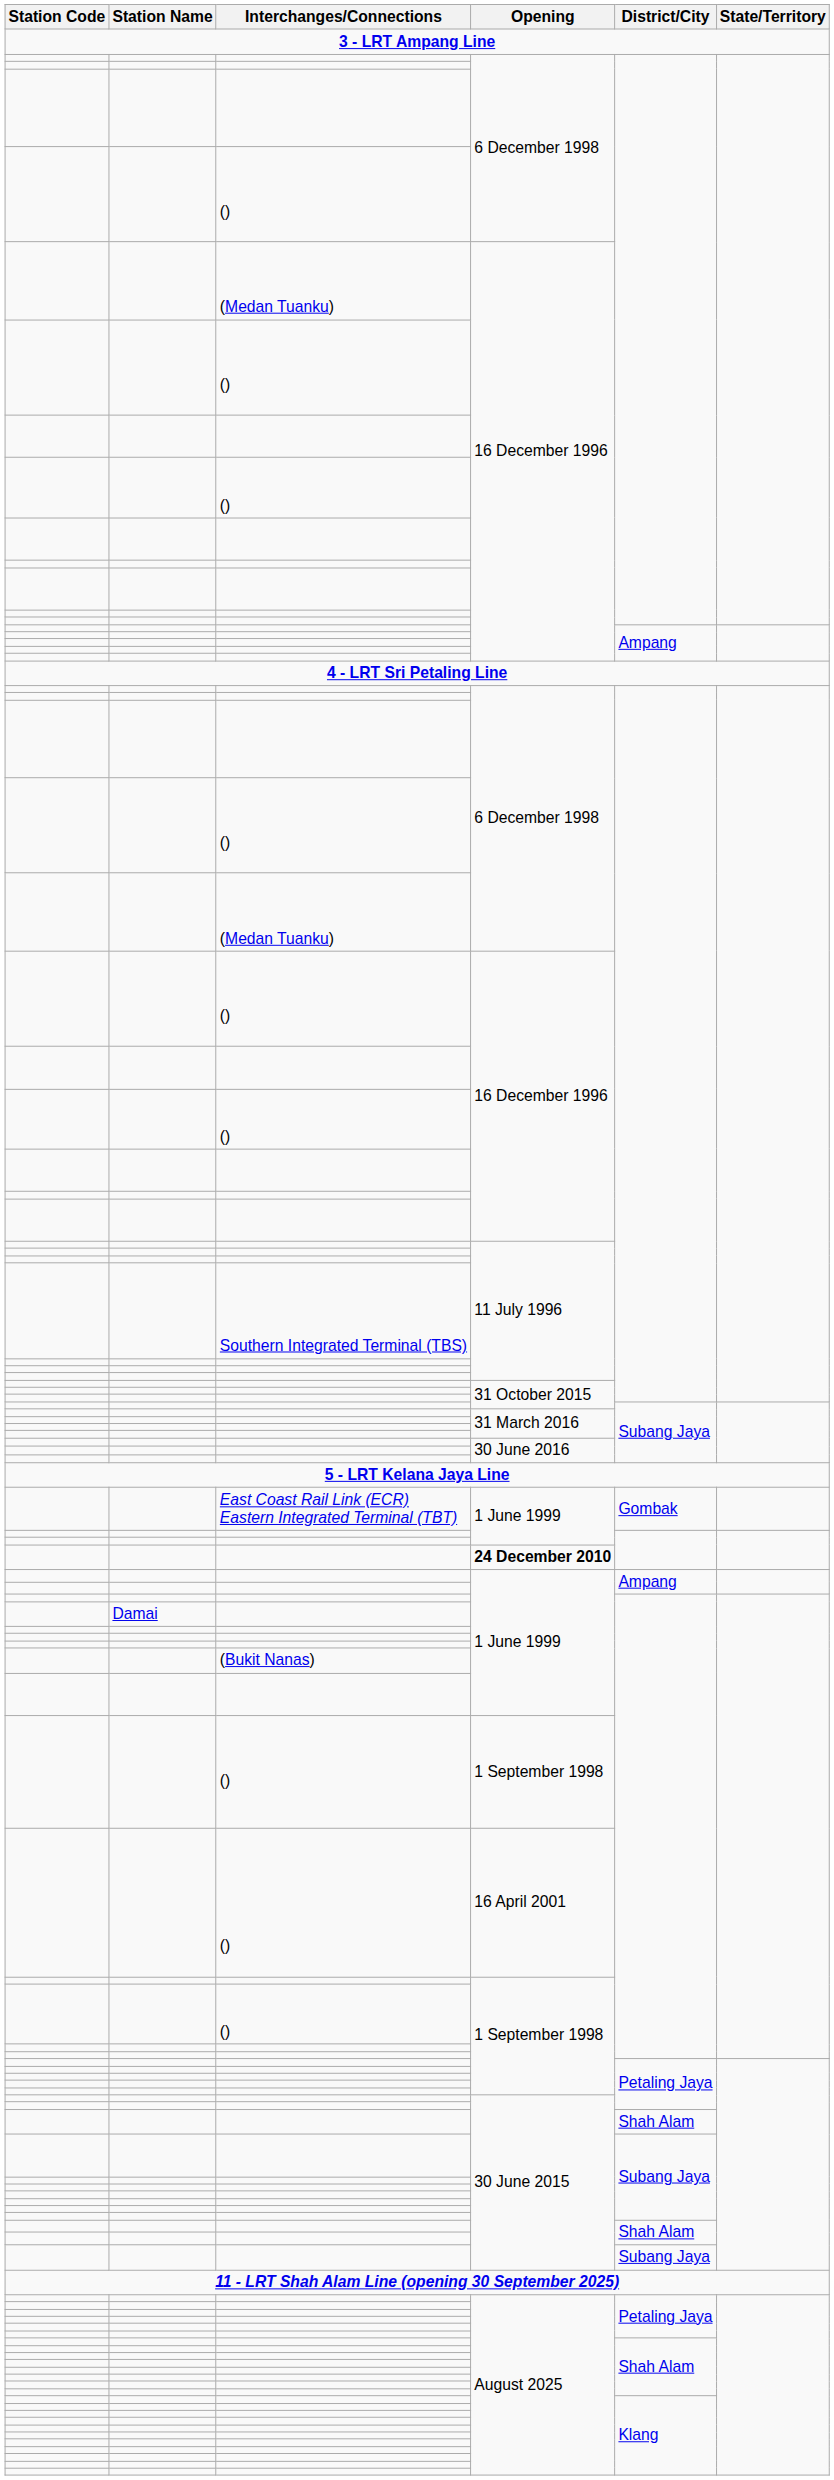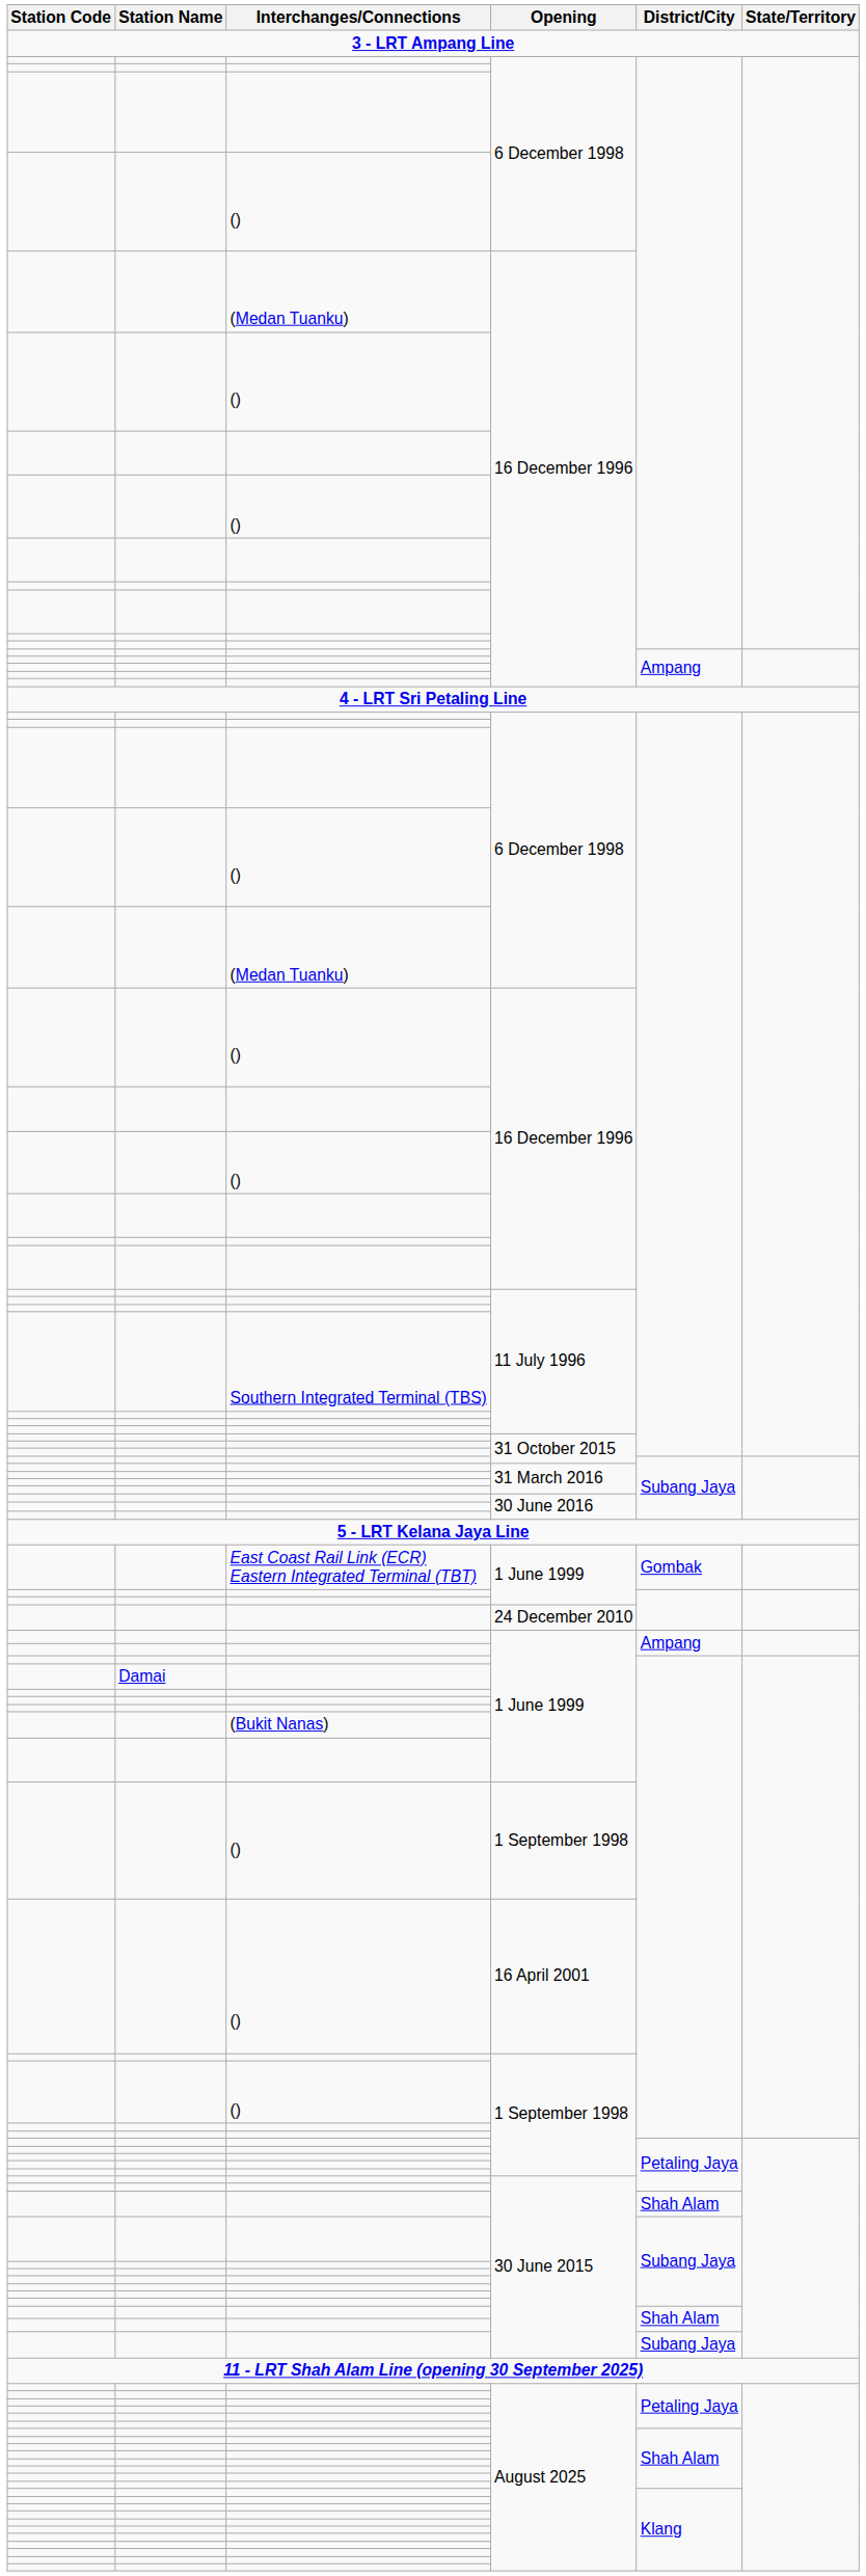 <table class="wikitable" style="margin: 1em auto 1em auto;">
 <tr>
 <th>Station Code</th>
 <th>Station Name</th>
 <th>Interchanges/Connections</th>
 <th>Opening</th>
 <th>District/City</th>
 <th>State/Territory</th>
 </tr>
 <tr>
 <td colspan="6" align="center"><strong><a href='#'><span>3 - LRT Ampang Line</span></a></strong></td>
 </tr>
 <tr>
 <td></td>
 <td></td>
 <td> </td>
 <td rowspan="4">6 December 1998</td>
 <td rowspan="13"></td>
 <td rowspan="13"></td>
 </tr>
 <tr>
 <td></td>
 <td></td>
 <td> </td>
 </tr>
 <tr>
 <td></td>
 <td></td>
 <td><br><br><br><br></td>
 </tr>
 <tr>
 <td></td>
 <td></td>
 <td> <br><br><br> ()<br><br></td>
 </tr>
 <tr>
 <td></td>
 <td></td>
 <td> <br><br><br>  (<a href='#'>Medan Tuanku</a>)</td>
 <td rowspan="14">16 December 1996</td>
 </tr>
 <tr>
 <td></td>
 <td></td>
 <td> <br><br><br> ()<br><br></td>
 </tr>
 <tr>
 <td></td>
 <td></td>
 <td><br><br></td>
 </tr>
 <tr>
 <td></td>
 <td></td>
 <td><br><br> ()</td>
 </tr>
 <tr>
 <td></td>
 <td></td>
 <td><br><br></td>
 </tr>
 <tr>
 <td></td>
 <td></td>
 <td> </td>
 </tr>
 <tr>
 <td></td>
 <td></td>
 <td><br><br></td>
 </tr>
 <tr>
 <td></td>
 <td></td>
 <td></td>
 </tr>
 <tr>
 <td></td>
 <td></td>
 <td> </td>
 </tr>
 <tr>
 <td></td>
 <td></td>
 <td></td>
 <td rowspan="5"><a href='#'>Ampang</a></td>
 <td rowspan="5"></td>
 </tr>
 <tr>
 <td></td>
 <td></td>
 <td> </td>
 </tr>
 <tr>
 <td></td>
 <td></td>
 <td></td>
 </tr>
 <tr>
 <td></td>
 <td></td>
 <td></td>
 </tr>
 <tr>
 <td></td>
 <td></td>
 <td></td>
 </tr>
 <tr>
 <td colspan="6" align="center"><strong><a href='#'><span>4 - LRT Sri Petaling Line</span></a></strong></td>
 </tr>
 <tr>
 <td></td>
 <td></td>
 <td> </td>
 <td rowspan="5">6 December 1998</td>
 <td rowspan="21"></td>
 <td rowspan="21"></td>
 </tr>
 <tr>
 <td></td>
 <td></td>
 <td> </td>
 </tr>
 <tr>
 <td></td>
 <td></td>
 <td><br><br><br><br></td>
 </tr>
 <tr>
 <td></td>
 <td></td>
 <td> <br><br><br> ()<br><br></td>
 </tr>
 <tr>
 <td></td>
 <td></td>
 <td> <br><br><br>  (<a href='#'>Medan Tuanku</a>)</td>
 </tr>
 <tr>
 <td></td>
 <td></td>
 <td> <br><br><br> ()<br><br></td>
 <td rowspan="6">16 December 1996</td>
 </tr>
 <tr>
 <td></td>
 <td></td>
 <td><br><br></td>
 </tr>
 <tr>
 <td></td>
 <td></td>
 <td><br><br> ()</td>
 </tr>
 <tr>
 <td></td>
 <td></td>
 <td><br><br></td>
 </tr>
 <tr>
 <td></td>
 <td></td>
 <td> </td>
 </tr>
 <tr>
 <td></td>
 <td></td>
 <td><br><br></td>
 </tr>
 <tr>
 <td></td>
 <td></td>
 <td></td>
 <td rowspan="7">11 July 1996</td>
 </tr>
 <tr>
 <td></td>
 <td></td>
 <td> </td>
 </tr>
 <tr>
 <td></td>
 <td></td>
 <td></td>
 </tr>
 <tr>
 <td></td>
 <td></td>
 <td><br><br><br> <br> <a href='#'>Southern Integrated Terminal (TBS)</a></td>
 </tr>
 <tr>
 <td></td>
 <td></td>
 <td> </td>
 </tr>
 <tr>
 <td></td>
 <td></td>
 <td></td>
 </tr>
 <tr>
 <td></td>
 <td></td>
 <td></td>
 </tr>
 <tr>
 <td></td>
 <td></td>
 <td></td>
 <td rowspan="4">31 October 2015</td>
 </tr>
 <tr>
 <td></td>
 <td></td>
 <td></td>
 </tr>
 <tr>
 <td></td>
 <td></td>
 <td></td>
 </tr>
 <tr>
 <td></td>
 <td></td>
 <td></td>
 <td rowspan="8"><a href='#'>Subang Jaya</a></td>
 <td rowspan="8"></td>
 </tr>
 <tr>
 <td></td>
 <td></td>
 <td></td>
 <td rowspan="4">31 March 2016</td>
 </tr>
 <tr>
 <td></td>
 <td></td>
 <td></td>
 </tr>
 <tr>
 <td></td>
 <td></td>
 <td></td>
 </tr>
 <tr>
 <td></td>
 <td></td>
 <td></td>
 </tr>
 <tr>
 <td></td>
 <td></td>
 <td></td>
 <td rowspan="3">30 June 2016</td>
 </tr>
 <tr>
 <td></td>
 <td></td>
 <td></td>
 </tr>
 <tr>
 <td></td>
 <td></td>
 <td> </td>
 </tr>
 <tr>
 <td colspan="6" align="center"><strong><a href='#'><span>5 - LRT Kelana Jaya Line</span></a></strong></td>
 </tr>
 <tr>
 <td></td>
 <td></td>
 <td>  <a href='#'><em>East Coast Rail Link (ECR)</em></a><br> <a href='#'><em>Eastern Integrated Terminal (TBT)</em></a></td>
 <td rowspan="3">1 June 1999</td>
 <td><a href='#'>Gombak</a></td>
 <td></td>
 </tr>
 <tr>
 <td></td>
 <td></td>
 <td></td>
 <td rowspan="3"></td>
 <td rowspan="3"></td>
 </tr>
 <tr>
 <td></td>
 <td></td>
 <td></td>
 </tr>
 <tr>
 <td></td>
 <td></td>
 <td></td>
-<td><strong>24 December 2010</strong></td>
+<td>24 December 2010</td>
 </tr>
 <tr>
 <td></td>
 <td></td>
 <td> </td>
 <td rowspan="9">1 June 1999</td>
 <td rowspan="2"><a href='#'>Ampang</a></td>
 <td rowspan="2"></td>
 </tr>
 <tr>
 <td></td>
 <td></td>
 <td></td>
 </tr>
 <tr>
 <td></td>
 <td></td>
 <td></td>
 <td rowspan="13"></td>
 <td rowspan="13"></td>
 </tr>
 <tr>
 <td></td>
 <td><a href='#'>Damai</a></td>
 <td></td>
 </tr>
 <tr>
 <td></td>
 <td></td>
 <td> </td>
 </tr>
 <tr>
 <td></td>
 <td></td>
 <td></td>
 </tr>
 <tr>
 <td></td>
 <td></td>
 <td></td>
 </tr>
 <tr>
 <td></td>
 <td></td>
 <td>  (<a href='#'>Bukit Nanas</a>)</td>
 </tr>
 <tr>
 <td></td>
 <td></td>
 <td><br><br></td>
 </tr>
 <tr>
 <td></td>
 <td></td>
 <td> <br><br><br> ()<br><br><br> </td>
 <td>1 September 1998</td>
 </tr>
 <tr>
 <td></td>
 <td></td>
 <td><br><br><br><br><br><br> ()<br><br> </td>
 <td>16 April 2001</td>
 </tr>
 <tr>
 <td></td>
 <td></td>
 <td></td>
 <td rowspan="9">1 September 1998</td>
 </tr>
 <tr>
 <td></td>
 <td></td>
 <td><br><br> ()</td>
 </tr>
 <tr>
 <td></td>
 <td></td>
 <td></td>
 </tr>
 <tr>
 <td></td>
 <td></td>
 <td> </td>
 </tr>
 <tr>
 <td></td>
 <td></td>
 <td></td>
 <td rowspan="7"><a href='#'>Petaling Jaya</a></td>
 <td rowspan="18"></td>
 </tr>
 <tr>
 <td></td>
 <td></td>
 <td></td>
 </tr>
 <tr>
 <td></td>
 <td></td>
 <td></td>
 </tr>
 <tr>
 <td></td>
 <td></td>
 <td></td>
 </tr>
 <tr>
 <td></td>
 <td></td>
 <td></td>
 </tr>
 <tr>
 <td></td>
 <td></td>
 <td></td>
 <td rowspan="13">30 June 2015</td>
 </tr>
 <tr>
 <td></td>
 <td></td>
 <td></td>
 </tr>
 <tr>
 <td></td>
 <td></td>
 <td> </td>
 <td><a href='#'>Shah Alam</a></td>
 </tr>
 <tr>
 <td></td>
 <td></td>
 <td><br><br></td>
 <td rowspan="7"><a href='#'>Subang Jaya</a></td>
 </tr>
 <tr>
 <td></td>
 <td></td>
 <td></td>
 </tr>
 <tr>
 <td></td>
 <td></td>
 <td></td>
 </tr>
 <tr>
 <td></td>
 <td></td>
 <td> </td>
 </tr>
 <tr>
 <td></td>
 <td></td>
 <td></td>
 </tr>
 <tr>
 <td></td>
 <td></td>
 <td></td>
 </tr>
 <tr>
 <td></td>
 <td></td>
 <td></td>
 </tr>
 <tr>
 <td></td>
 <td></td>
 <td></td>
 <td rowspan="2"><a href='#'>Shah Alam</a></td>
 </tr>
 <tr>
 <td></td>
 <td></td>
 <td></td>
 </tr>
 <tr>
 <td></td>
 <td></td>
 <td> </td>
 <td><a href='#'>Subang Jaya</a></td>
 </tr>
 <tr>
 <td colspan="6" align="center"><strong><a href='#'><span><em>11 - LRT Shah Alam Line (opening 30 September 2025)</em></span></a></strong></td>
 </tr>
 <tr>
 <td></td>
 <td><em></em></td>
 <td> </td>
 <td rowspan="25">August 2025</td>
 <td rowspan="6"><a href='#'>Petaling Jaya</a></td>
 <td rowspan="26"></td>
 </tr>
 <tr>
 <td></td>
 <td><em></em></td>
 <td></td>
 </tr>
 <tr>
 <td></td>
 <td><em></em></td>
 <td></td>
 </tr>
 <tr>
 <td></td>
 <td><em></em></td>
 <td></td>
 </tr>
 <tr>
 <td></td>
 <td><em></em></td>
 <td></td>
 </tr>
 <tr>
 <td></td>
 <td><em></em></td>
 <td></td>
 </tr>
 <tr>
 <td></td>
 <td><em></em></td>
 <td> </td>
 <td rowspan="8"><a href='#'>Shah Alam</a></td>
 </tr>
 <tr>
 <td></td>
 <td><em></em></td>
 <td></td>
 </tr>
 <tr>
 <td></td>
 <td><em></em></td>
 <td></td>
 </tr>
 <tr>
 <td></td>
 <td><em></em></td>
 <td></td>
 </tr>
 <tr>
 <td></td>
 <td><em></em></td>
 <td></td>
 </tr>
 <tr>
 <td></td>
 <td><em></em></td>
 <td></td>
 </tr>
 <tr>
 <td></td>
 <td><em></em></td>
 <td></td>
 </tr>
 <tr>
 <td></td>
 <td><em></em></td>
 <td></td>
 </tr>
 <tr>
 <td></td>
 <td><em></em></td>
 <td></td>
 <td rowspan="11"><a href='#'>Klang</a></td>
 </tr>
 <tr>
 <td></td>
 <td><em></em></td>
 <td></td>
 </tr>
 <tr>
 <td></td>
 <td><em></em></td>
 <td></td>
 </tr>
 <tr>
 <td></td>
 <td><em></em></td>
 <td></td>
 </tr>
 <tr>
 <td></td>
 <td><em></em></td>
 <td></td>
 </tr>
 <tr>
 <td></td>
 <td><em></em></td>
 <td></td>
 </tr>
 <tr>
 <td></td>
 <td><em></em></td>
 <td></td>
 </tr>
 <tr>
 <td></td>
 <td><em></em></td>
 <td></td>
 </tr>
 <tr>
 <td></td>
 <td><em></em></td>
 <td></td>
 </tr>
 <tr>
 <td></td>
 <td><em></em></td>
 <td></td>
 </tr>
 <tr>
 <td></td>
 <td><em></em></td>
 <td></td>
 </tr>
 </table>
